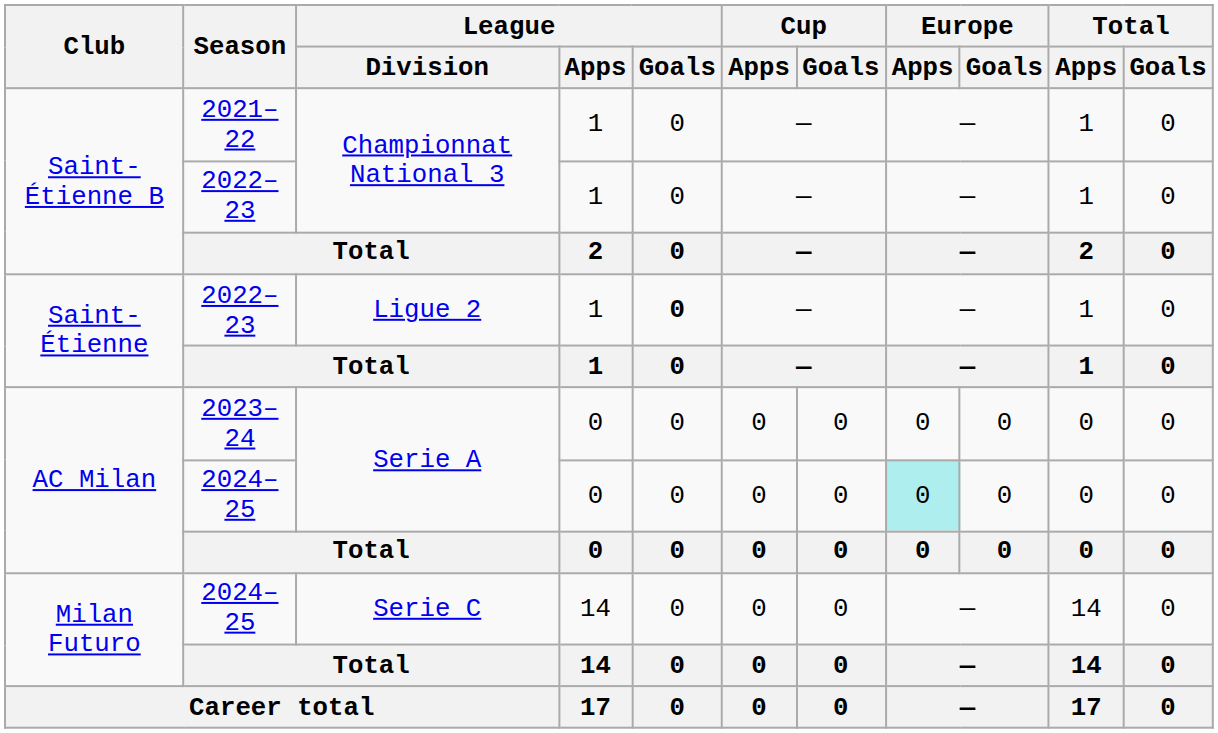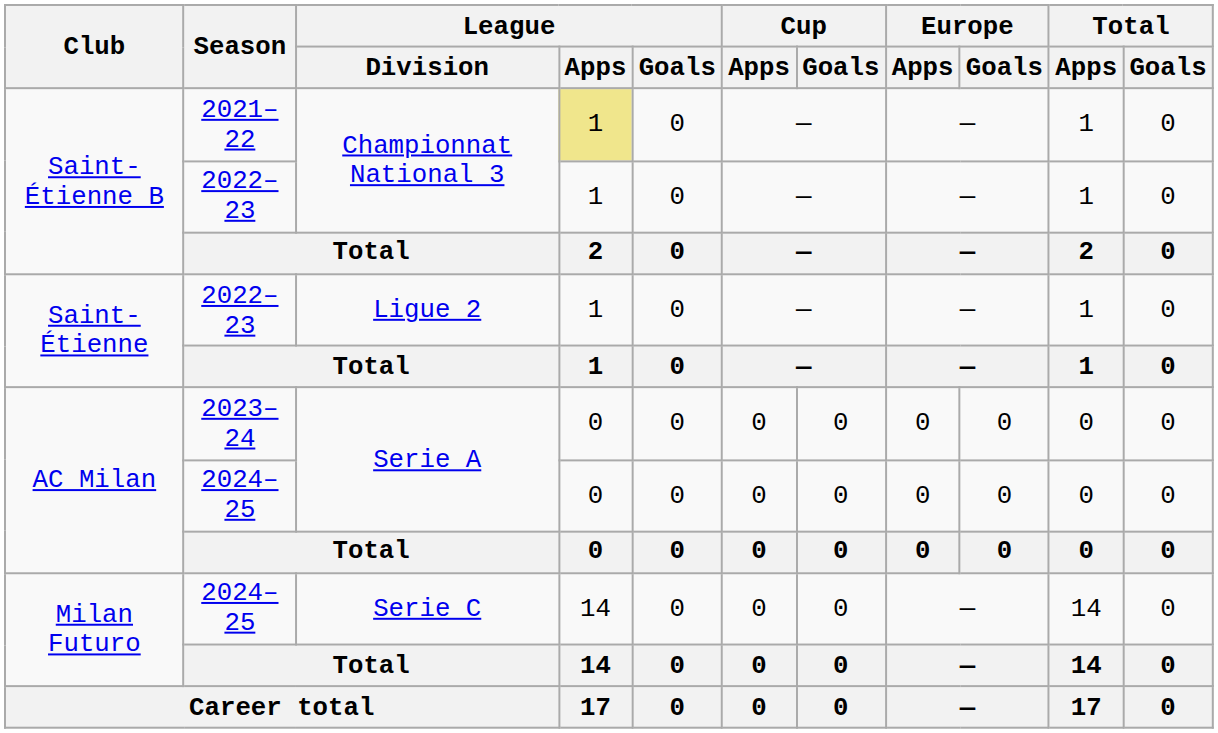 <table class="wikitable" style="text-align:center">
 <tr>
 <th rowspan="2">Club</th>
 <th rowspan="2">Season</th>
 <th colspan="3">League</th>
 <th colspan="2">Cup</th>
 <th colspan="2">Europe</th>
 <th colspan="2">Total</th>
 </tr>
 <tr>
 <th>Division</th>
 <th>Apps</th>
 <th>Goals</th>
 <th>Apps</th>
 <th>Goals</th>
 <th>Apps</th>
 <th>Goals</th>
 <th>Apps</th>
 <th>Goals</th>
 </tr>
 <tr>
 <td rowspan="3"><a href='#'>Saint-Étienne B</a></td>
 <td><a href='#'>2021–22</a></td>
 <td rowspan="2"><a href='#'>Championnat National 3</a></td>
-<td>1</td>
+<td style="background: khaki;">1</td>
 <td>0</td>
 <td colspan="2">—</td>
 <td colspan="2">—</td>
 <td>1</td>
 <td>0</td>
 </tr>
 <tr>
 <td><a href='#'>2022–23</a></td>
 <td>1</td>
 <td>0</td>
 <td colspan="2">—</td>
 <td colspan="2">—</td>
 <td>1</td>
 <td>0</td>
 </tr>
 <tr>
 <th colspan="2">Total</th>
 <th>2</th>
 <th>0</th>
 <th colspan="2">—</th>
 <th colspan="2">—</th>
 <th>2</th>
 <th>0</th>
 </tr>
 <tr>
 <td rowspan="2"><a href='#'>Saint-Étienne</a></td>
 <td><a href='#'>2022–23</a></td>
 <td><a href='#'>Ligue 2</a></td>
 <td>1</td>
-<td><strong>0</strong></td>
+<td>0</td>
 <td colspan="2">—</td>
 <td colspan="2">—</td>
 <td>1</td>
 <td>0</td>
 </tr>
 <tr>
 <th colspan="2">Total</th>
 <th>1</th>
 <th>0</th>
 <th colspan="2">—</th>
 <th colspan="2">—</th>
 <th>1</th>
 <th>0</th>
 </tr>
 <tr>
 <td rowspan="3"><a href='#'>AC Milan</a></td>
 <td><a href='#'>2023–24</a></td>
 <td rowspan="2"><a href='#'>Serie A</a></td>
 <td>0</td>
 <td>0</td>
 <td>0</td>
 <td>0</td>
 <td>0</td>
 <td>0</td>
 <td>0</td>
 <td>0</td>
 </tr>
 <tr>
 <td><a href='#'>2024–25</a></td>
 <td>0</td>
 <td>0</td>
 <td>0</td>
 <td>0</td>
-<td style="background: paleturquoise;">0</td>
+<td>0</td>
 <td>0</td>
 <td>0</td>
 <td>0</td>
 </tr>
 <tr>
 <th colspan="2">Total</th>
 <th>0</th>
 <th>0</th>
 <th>0</th>
 <th>0</th>
 <th>0</th>
 <th>0</th>
 <th>0</th>
 <th>0</th>
 </tr>
 <tr>
 <td rowspan="2"><a href='#'>Milan Futuro</a></td>
 <td><a href='#'>2024–25</a></td>
 <td><a href='#'>Serie C</a></td>
 <td>14</td>
 <td>0</td>
 <td>0</td>
 <td>0</td>
 <td colspan="2">—</td>
 <td>14</td>
 <td>0</td>
 </tr>
 <tr>
 <th colspan="2">Total</th>
 <th>14</th>
 <th>0</th>
 <th>0</th>
 <th>0</th>
 <th colspan="2">—</th>
 <th>14</th>
 <th>0</th>
 </tr>
 <tr>
 <th colspan="3">Career total</th>
 <th>17</th>
 <th>0</th>
 <th>0</th>
 <th>0</th>
 <th colspan="2">—</th>
 <th>17</th>
 <th>0</th>
 </tr>
 </table>
